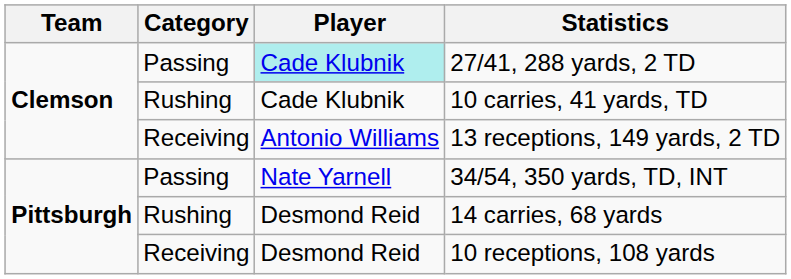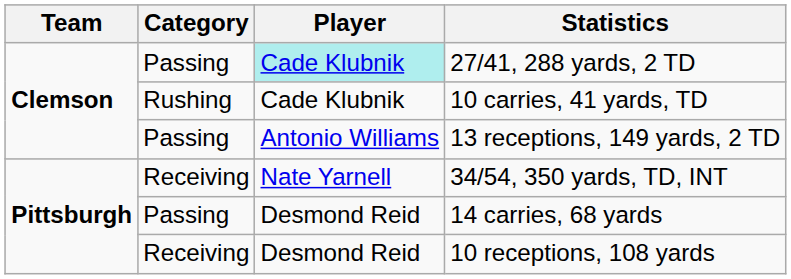 <table class="wikitable" style="float: right;">
 <tr>
 <th>Team</th>
 <th>Category</th>
 <th>Player</th>
 <th>Statistics</th>
 </tr>
 <tr>
 <td rowspan=3><strong>Clemson</strong></td>
 <td>Passing</td>
 <td style="background: paleturquoise;"><a href='#'>Cade Klubnik</a></td>
 <td>27/41, 288 yards, 2 TD</td>
 </tr>
 <tr>
 <td>Rushing</td>
 <td>Cade Klubnik</td>
 <td>10 carries, 41 yards, TD</td>
 </tr>
 <tr>
-<td>Receiving</td>
+<td>Passing</td>
 <td><a href='#'>Antonio Williams</a></td>
 <td>13 receptions, 149 yards, 2 TD</td>
 </tr>
 <tr>
 <td rowspan=3><strong>Pittsburgh</strong></td>
-<td>Passing</td>
+<td>Receiving</td>
 <td><a href='#'>Nate Yarnell</a></td>
 <td>34/54, 350 yards, TD, INT</td>
 </tr>
 <tr>
-<td>Rushing</td>
+<td>Passing</td>
 <td>Desmond Reid</td>
 <td>14 carries, 68 yards</td>
 </tr>
 <tr>
 <td>Receiving</td>
 <td>Desmond Reid</td>
 <td>10 receptions, 108 yards</td>
 </tr>
 </table>
